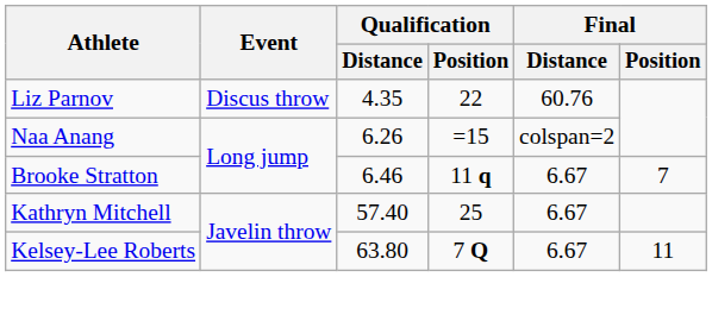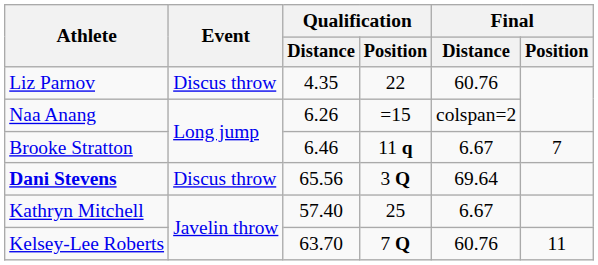 <table class=wikitable style=font-size:90%>
 <tr>
 <th rowspan=2>Athlete</th>
 <th rowspan=2>Event</th>
 <th colspan=2>Qualification</th>
 <th colspan=2>Final</th>
 </tr>
 <tr style=font-size:95%>
 <th>Distance</th>
 <th>Position</th>
 <th>Distance</th>
 <th>Position</th>
 </tr>
 <tr align=center>
 <td align=left><a href='#'>Liz Parnov</a></td>
 <td align=left><a href='#'>Discus throw</a></td>
 <td>4.35</td>
 <td>22</td>
 <td>60.76</td>
 </tr>
 <tr align=center>
 <td align=left><a href='#'>Naa Anang</a></td>
 <td align=left rowspan=2><a href='#'>Long jump</a></td>
 <td>6.26</td>
 <td>=15</td>
 <td>colspan=2 </td>
 </tr>
 <tr align=center>
 <td align=left><a href='#'>Brooke Stratton</a></td>
 <td>6.46</td>
 <td>11 <strong>q</strong></td>
 <td>6.67</td>
 <td>7</td>
 </tr>
 <tr align=center>
+<td align=left><strong><a href='#'>Dani Stevens</a></strong></td>
+<td align=left><a href='#'>Discus throw</a></td>
+<td>65.56</td>
+<td>3 <strong>Q</strong></td>
+<td>69.64 <strong></strong></td>
+<td></td>
+</tr>
+<tr align=center>
 <td align=left><a href='#'>Kathryn Mitchell</a></td>
 <td align=left rowspan=2><a href='#'>Javelin throw</a></td>
 <td>57.40</td>
 <td>25</td>
 <td>6.67</td>
 </tr>
 <tr align=center>
 <td align=left><a href='#'>Kelsey-Lee Roberts</a></td>
-<td>63.80</td>
+<td>63.70</td>
 <td>7 <strong>Q</strong></td>
-<td>6.67</td>
+<td>60.76</td>
 <td>11</td>
 </tr>
 </table>
